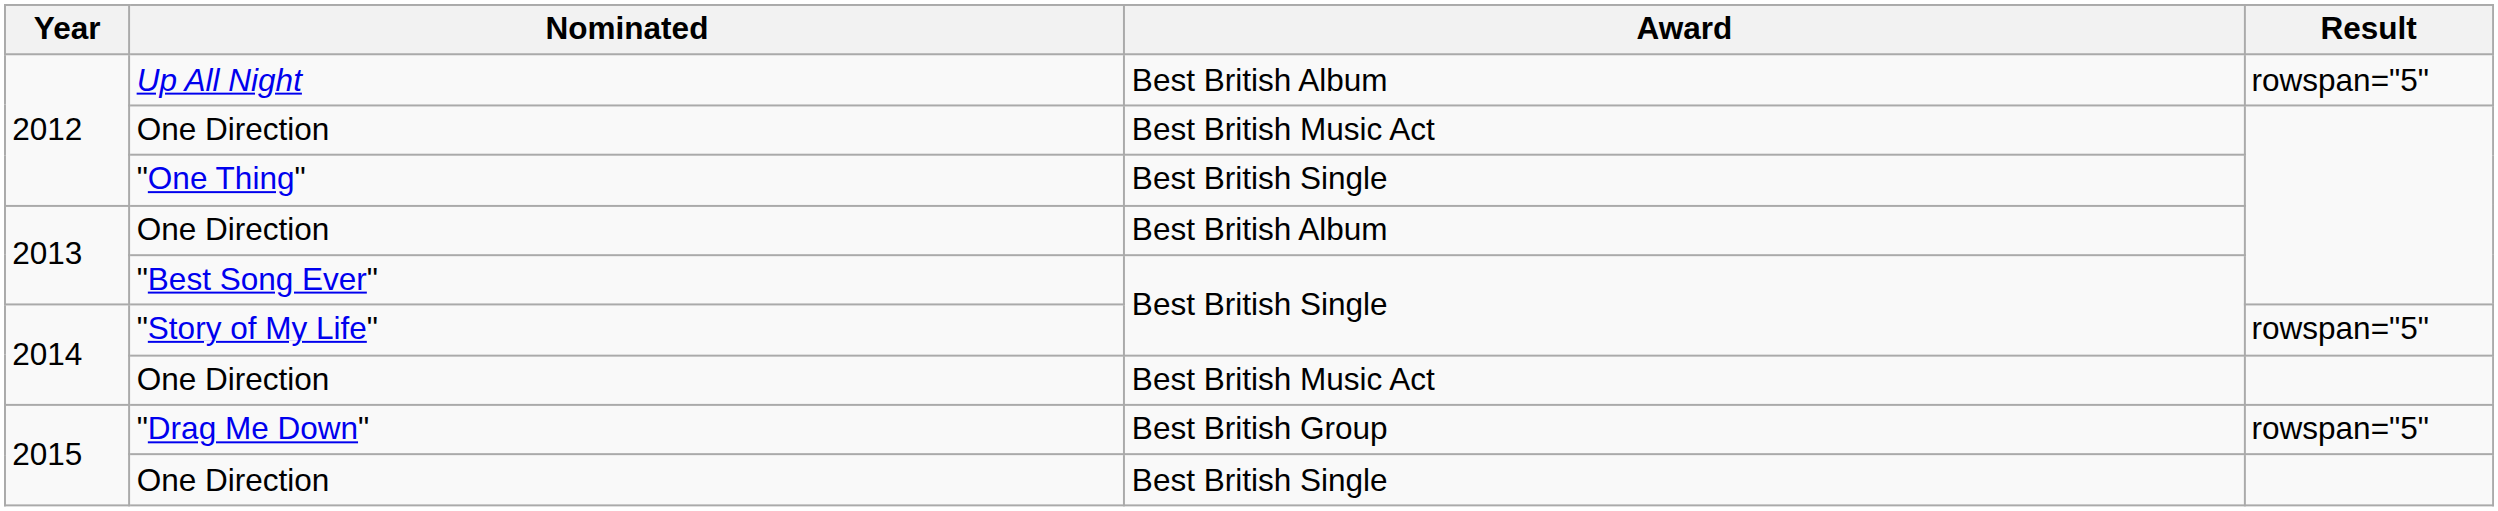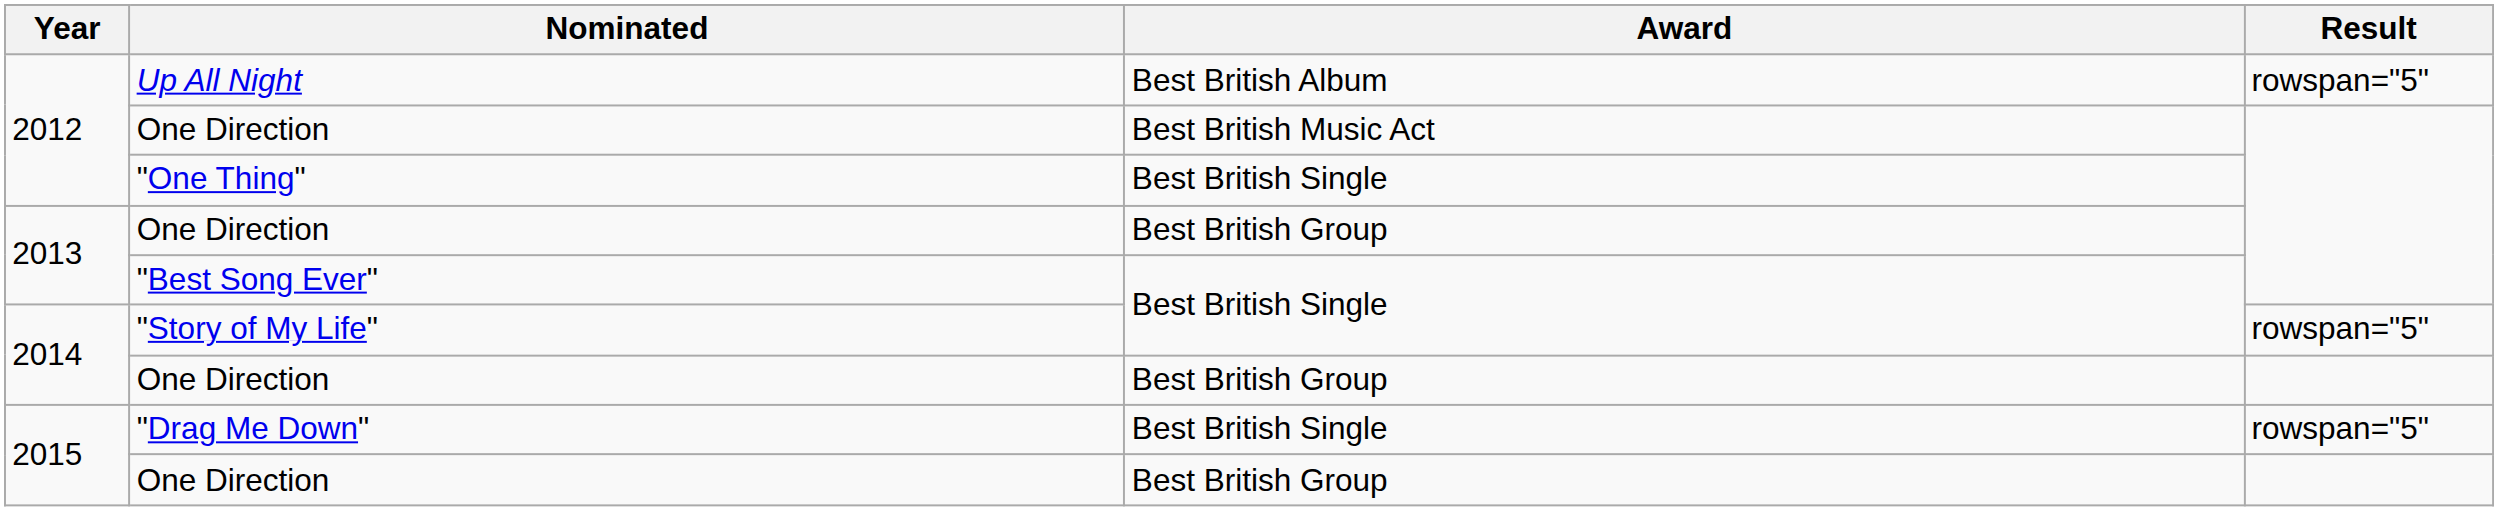 <table class="wikitable" style="width:100%;">
 <tr>
 <th width=5%>Year</th>
 <th style="width:40%;">Nominated</th>
 <th style="width:45%;">Award</th>
 <th style="width:10%;">Result</th>
 </tr>
 <tr>
 <td rowspan="3">2012</td>
 <td><em><a href='#'>Up All Night</a></em></td>
 <td>Best British Album</td>
 <td>rowspan="5" </td>
 </tr>
 <tr>
 <td>One Direction</td>
 <td>Best British Music Act</td>
 </tr>
 <tr>
 <td>"<a href='#'>One Thing</a>"</td>
 <td>Best British Single</td>
 </tr>
 <tr>
 <td rowspan="2">2013</td>
 <td>One Direction</td>
-<td>Best British Album</td>
+<td>Best British Group</td>
 </tr>
 <tr>
 <td>"<a href='#'>Best Song Ever</a>"</td>
 <td rowspan="2">Best British Single</td>
 </tr>
 <tr>
 <td rowspan="2">2014</td>
 <td>"<a href='#'>Story of My Life</a>"</td>
 <td>rowspan="5" </td>
 </tr>
 <tr>
 <td>One Direction</td>
-<td>Best British Music Act</td>
+<td>Best British Group</td>
 </tr>
 <tr>
 <td rowspan="2">2015</td>
 <td>"<a href='#'>Drag Me Down</a>"</td>
-<td>Best British Group</td>
+<td>Best British Single</td>
 <td>rowspan="5" </td>
 </tr>
 <tr>
 <td>One Direction</td>
-<td>Best British Single</td>
+<td>Best British Group</td>
 </tr>
 </table>
